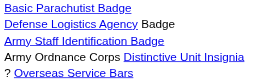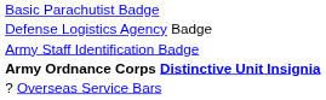 <table>
 <tr>
 <td> <a href='#'>Basic Parachutist Badge</a></td>
 </tr>
 <tr>
 <td> <a href='#'>Defense Logistics Agency</a> Badge</td>
 </tr>
 <tr>
 <td> <a href='#'>Army Staff Identification Badge</a></td>
 </tr>
 <tr>
-<td> Army Ordnance Corps <a href='#'>Distinctive Unit Insignia</a></td>
+<td><strong> Army Ordnance Corps <a href='#'>Distinctive Unit Insignia</a></strong></td>
 </tr>
 <tr>
 <td> ? <a href='#'>Overseas Service Bars</a></td>
 </tr>
 </table>
